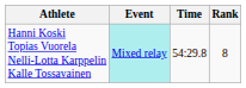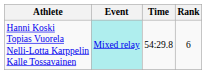 <table class="wikitable" style="font-size:90%">
 <tr>
 <th>Athlete</th>
 <th>Event</th>
 <th>Time</th>
 <th>Rank</th>
 </tr>
 <tr align=center>
 <td align=left><a href='#'>Hanni Koski</a><br><a href='#'>Topias Vuorela</a><br><a href='#'>Nelli-Lotta Karppelin</a><br><a href='#'>Kalle Tossavainen</a></td>
 <td align=left style="background: paleturquoise;"><a href='#'>Mixed relay</a></td>
 <td>54:29.8</td>
-<td>8</td>
+<td>6</td>
 </tr>
 </table>
